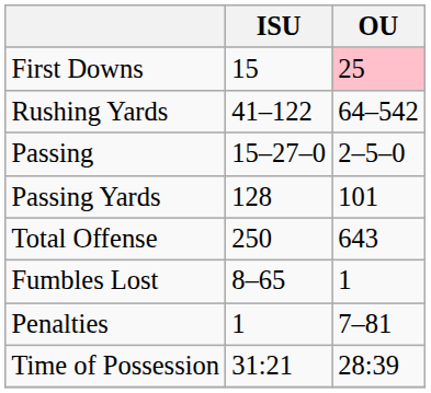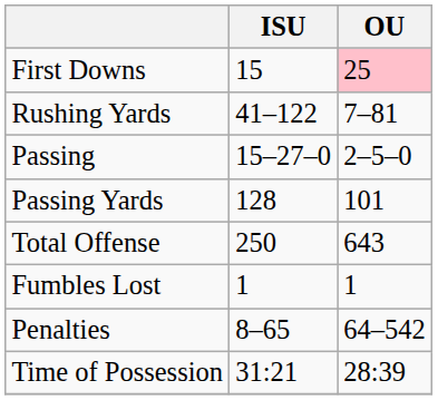 <table class="wikitable">
 <tr>
 <th></th>
 <th>ISU</th>
 <th>OU</th>
 </tr>
 <tr>
 <td>First Downs</td>
 <td>15</td>
 <td style="background: pink;">25</td>
 </tr>
 <tr>
 <td>Rushing Yards</td>
 <td>41–122</td>
-<td>64–542</td>
+<td>7–81</td>
 </tr>
 <tr>
 <td>Passing</td>
 <td>15–27–0</td>
 <td>2–5–0</td>
 </tr>
 <tr>
 <td>Passing Yards</td>
 <td>128</td>
 <td>101</td>
 </tr>
 <tr>
 <td>Total Offense</td>
 <td>250</td>
 <td>643</td>
 </tr>
 <tr>
 <td>Fumbles Lost</td>
-<td>8–65</td>
+<td>1</td>
 <td>1</td>
 </tr>
 <tr>
 <td>Penalties</td>
-<td>1</td>
-<td>7–81</td>
+<td>8–65</td>
+<td>64–542</td>
 </tr>
 <tr>
 <td>Time of Possession</td>
 <td>31:21</td>
 <td>28:39</td>
 </tr>
 <tr>
 </tr>
 </table>
